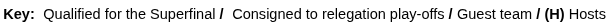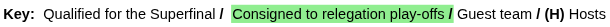 <table style="font-size: 85%;">
 <tr>
 <td height=5></td>
 </tr>
 <tr>
 <td><strong>Key:</strong></td>
 <td></td>
 <td>Qualified for the Superfinal <strong>/</strong></td>
 <td></td>
-<td>Consigned to relegation play-offs <strong>/</strong></td>
+<td style="background: lightgreen;">Consigned to relegation play-offs <strong>/</strong></td>
 <td><em></em> Guest team <strong>/</strong></td>
 <td><strong>(H)</strong> Hosts</td>
 </tr>
 </table>
